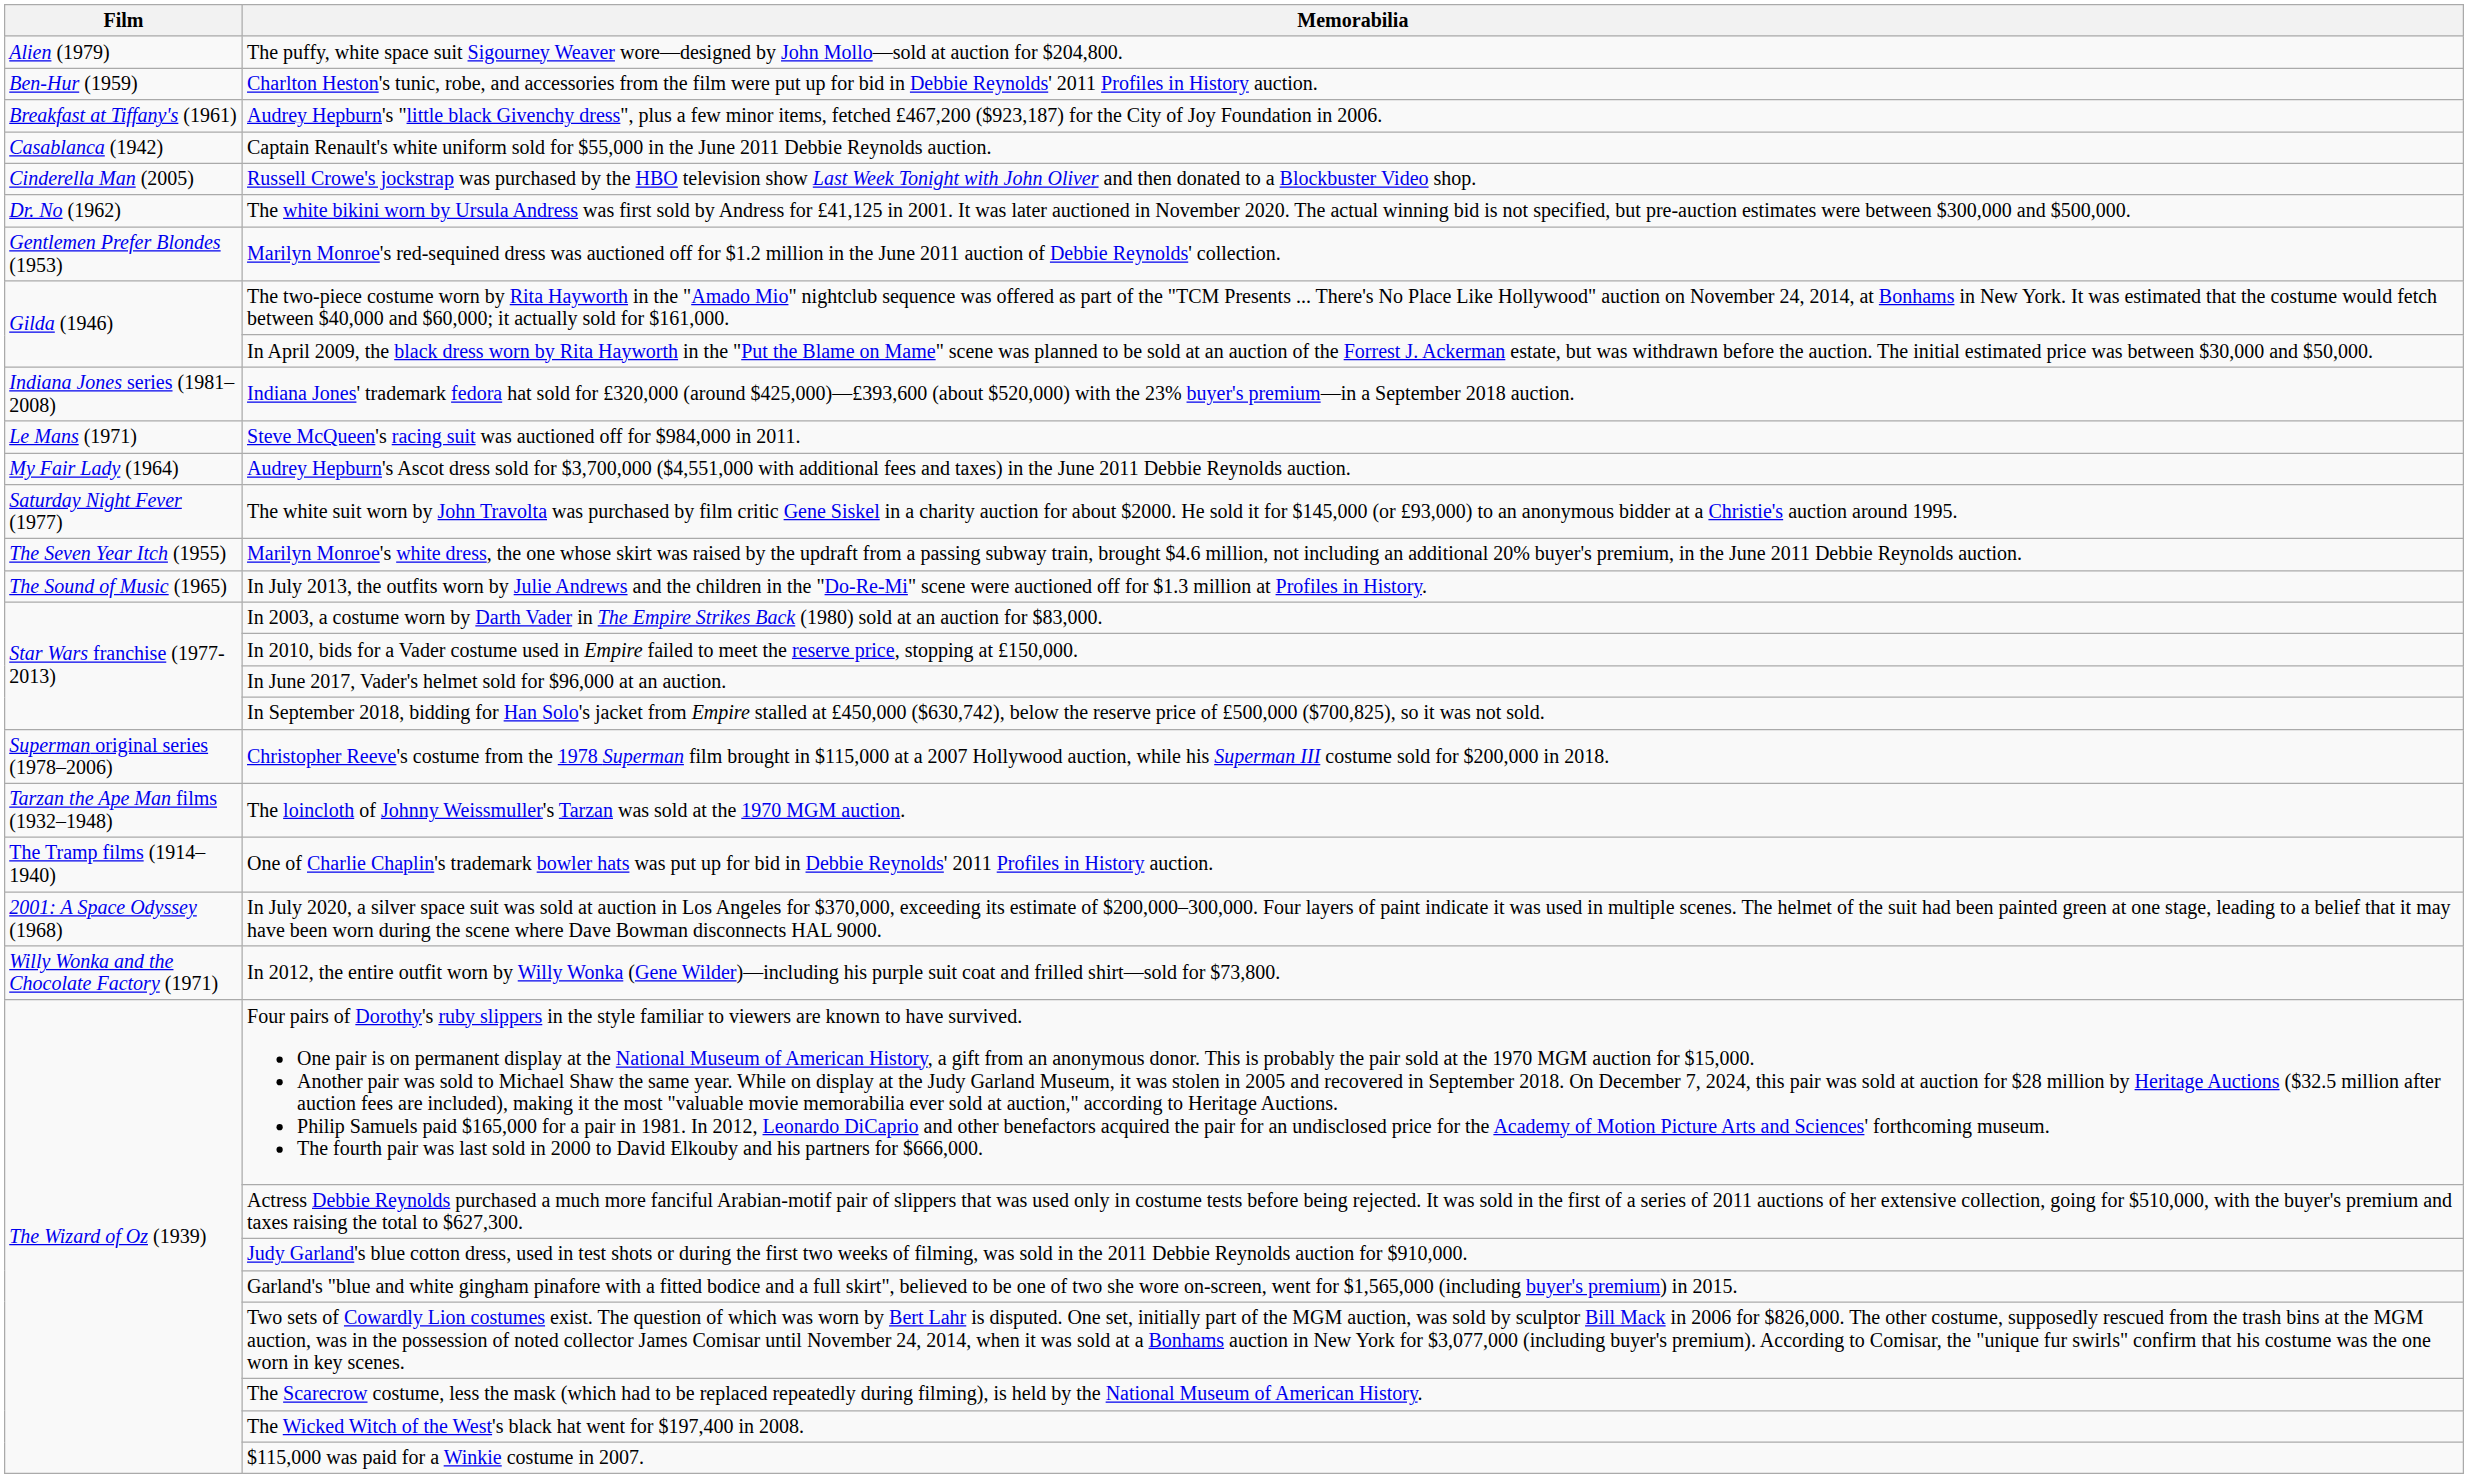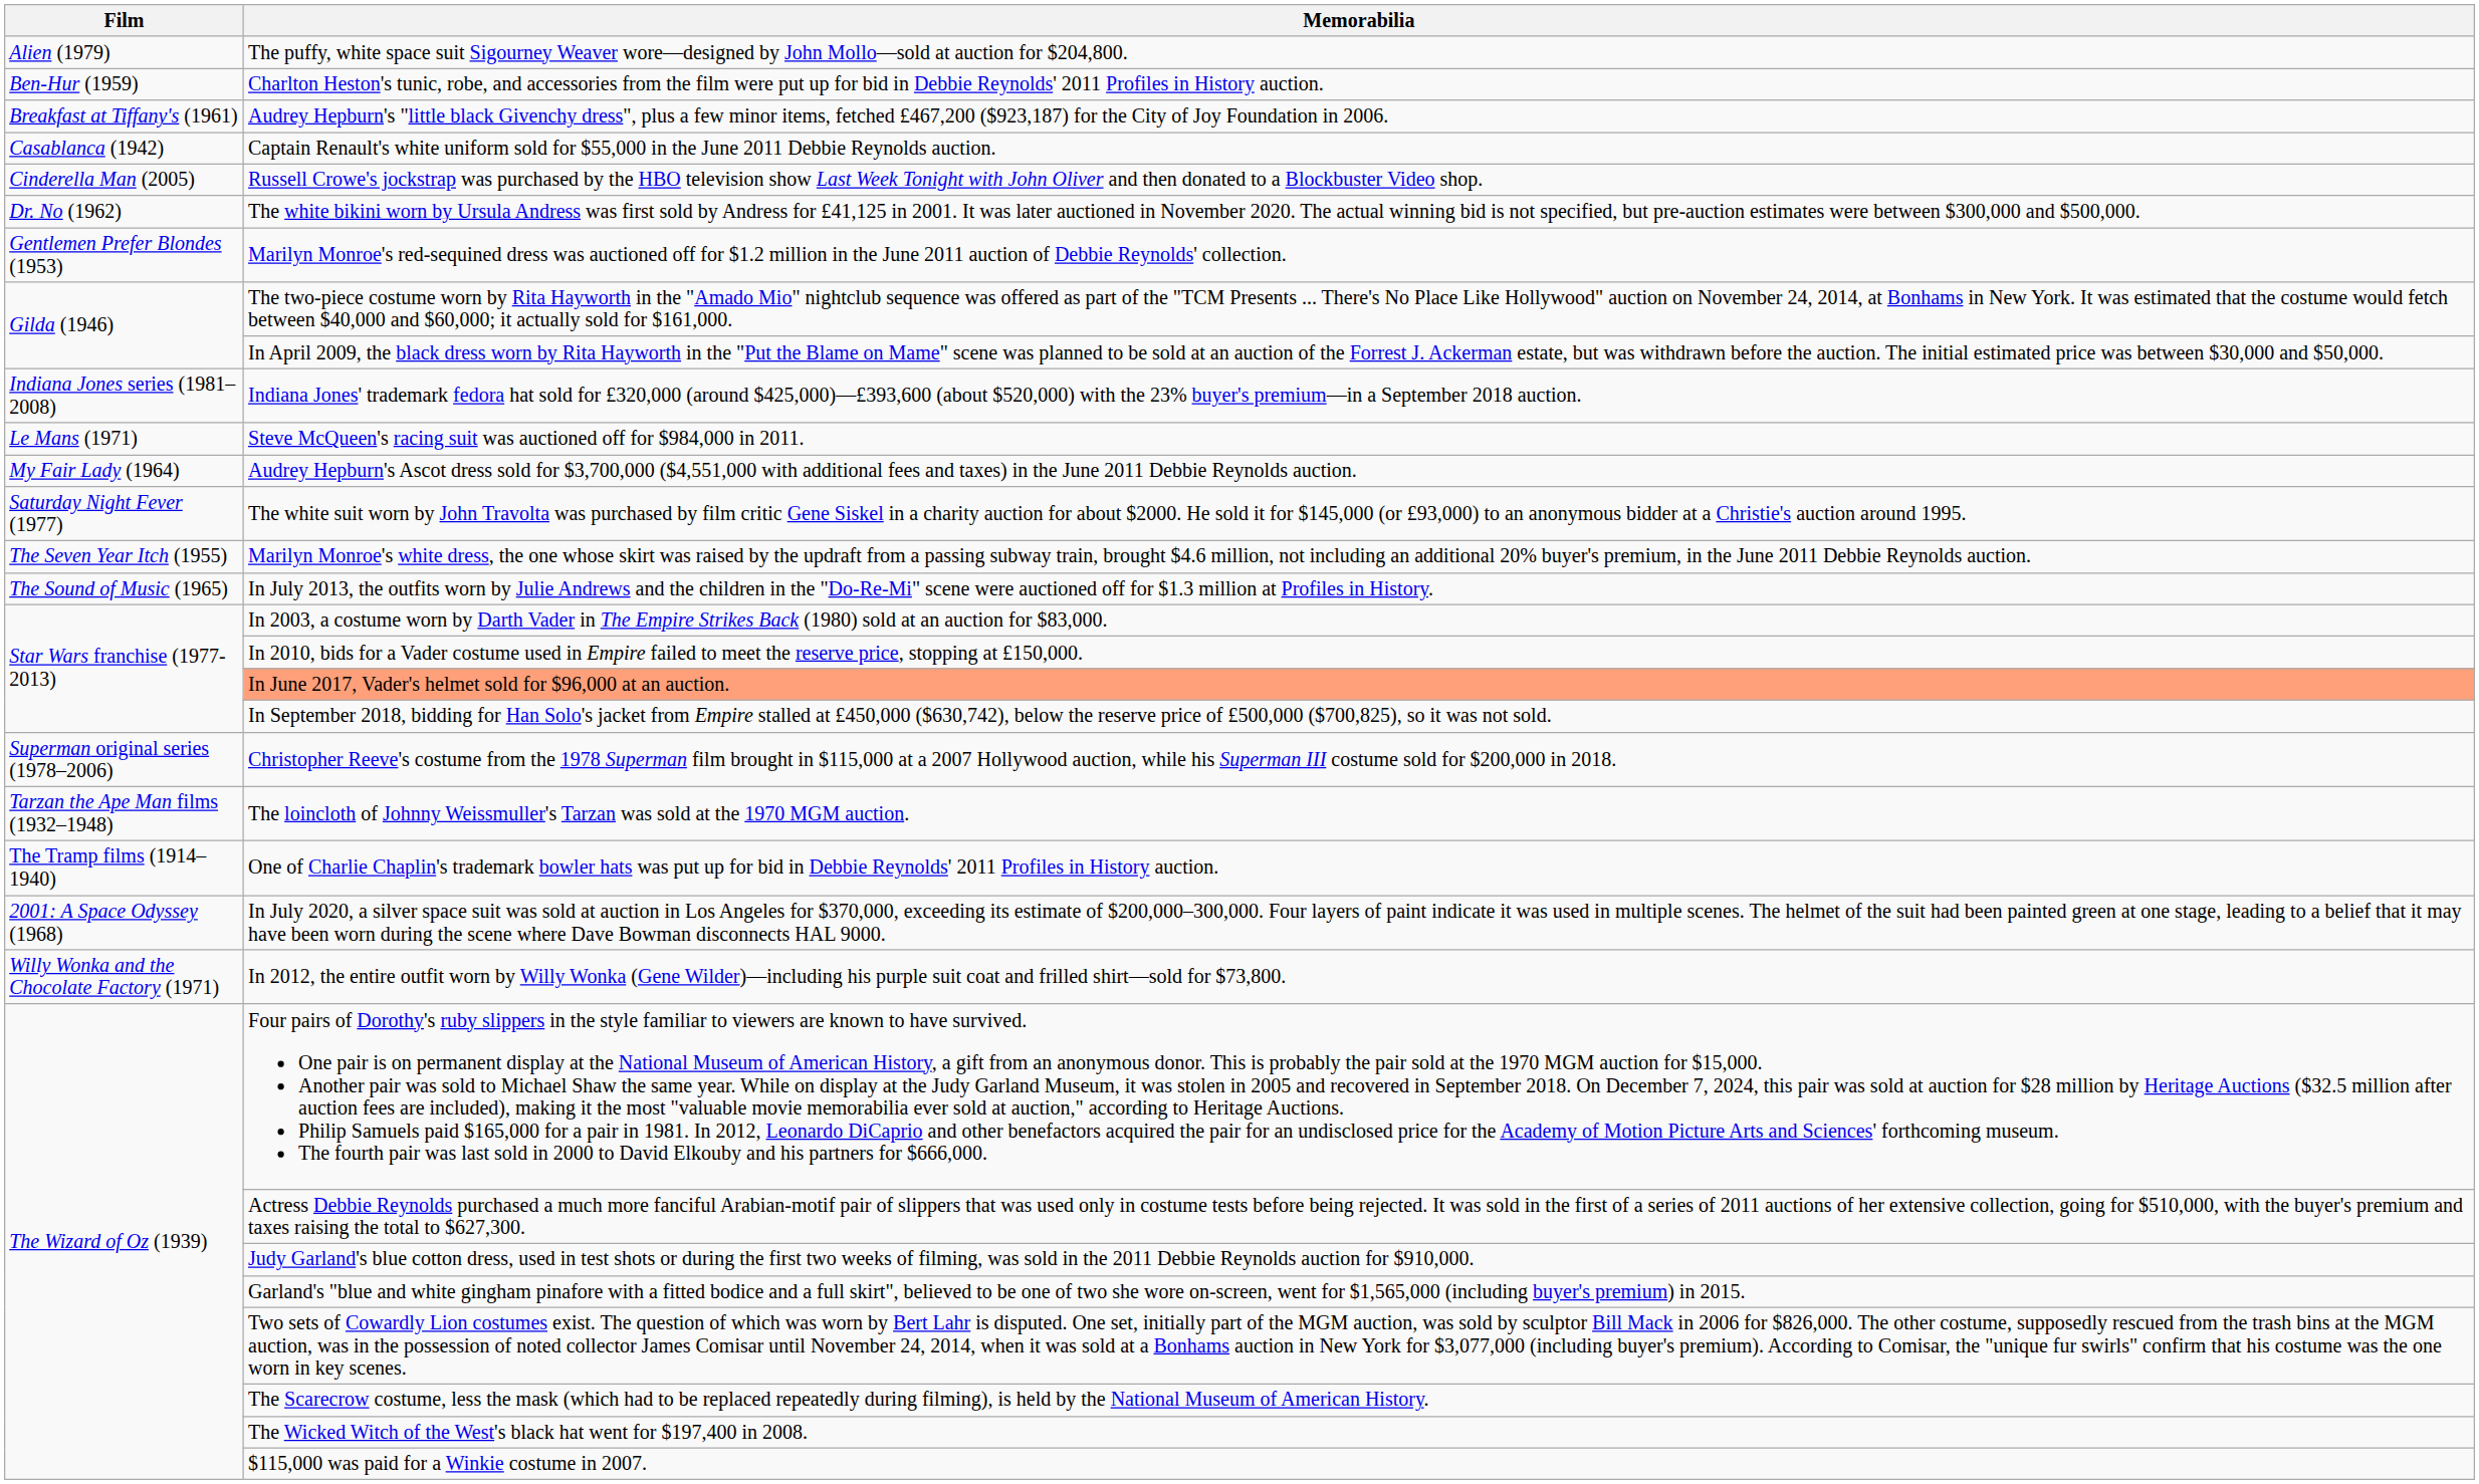 <table class="wikitable">
 <tr>
 <th>Film</th>
 <th>Memorabilia</th>
 </tr>
 <tr>
 <td><em><a href='#'>Alien</a></em> (1979)</td>
 <td>The puffy, white space suit <a href='#'>Sigourney Weaver</a> wore—designed by <a href='#'>John Mollo</a>—sold at auction for $204,800.</td>
 </tr>
 <tr>
 <td><em><a href='#'>Ben-Hur</a></em> (1959)</td>
 <td><a href='#'>Charlton Heston</a>'s tunic, robe, and accessories from the film were put up for bid in <a href='#'>Debbie Reynolds</a>' 2011 <a href='#'>Profiles in History</a> auction.</td>
 </tr>
 <tr>
 <td><em><a href='#'>Breakfast at Tiffany's</a></em> (1961)</td>
 <td><a href='#'>Audrey Hepburn</a>'s "<a href='#'>little black Givenchy dress</a>", plus a few minor items, fetched £467,200 ($923,187) for the City of Joy Foundation in 2006.</td>
 </tr>
 <tr>
 <td><em><a href='#'>Casablanca</a></em> (1942)</td>
 <td>Captain Renault's white uniform sold for $55,000 in the June 2011 Debbie Reynolds auction.</td>
 </tr>
 <tr>
 <td><em><a href='#'>Cinderella Man</a></em> (2005)</td>
 <td><a href='#'>Russell Crowe's jockstrap</a> was purchased by the <a href='#'>HBO</a> television show <em><a href='#'>Last Week Tonight with John Oliver</a></em> and then donated to a <a href='#'>Blockbuster Video</a> shop.</td>
 </tr>
 <tr>
 <td><em><a href='#'>Dr. No</a></em> (1962)</td>
 <td>The <a href='#'>white bikini worn by Ursula Andress</a> was first sold by Andress for £41,125 in 2001. It was later auctioned in November 2020. The actual winning bid is not specified, but pre-auction estimates were between $300,000 and $500,000.</td>
 </tr>
 <tr>
 <td><em><a href='#'>Gentlemen Prefer Blondes</a></em> (1953)</td>
 <td><a href='#'>Marilyn Monroe</a>'s red-sequined dress was auctioned off for $1.2 million in the June 2011 auction of <a href='#'>Debbie Reynolds</a>' collection.</td>
 </tr>
 <tr>
 <td rowspan="2"><em><a href='#'>Gilda</a></em> (1946)</td>
 <td>The two-piece costume worn by <a href='#'>Rita Hayworth</a> in the "<a href='#'>Amado Mio</a>" nightclub sequence was offered as part of the "TCM Presents ... There's No Place Like Hollywood" auction on November 24, 2014, at <a href='#'>Bonhams</a> in New York. It was estimated that the costume would fetch between $40,000 and $60,000; it actually sold for $161,000.</td>
 </tr>
 <tr>
 <td>In April 2009, the <a href='#'>black dress worn by Rita Hayworth</a> in the "<a href='#'>Put the Blame on Mame</a>" scene was planned to be sold at an auction of the <a href='#'>Forrest J. Ackerman</a> estate, but was withdrawn before the auction. The initial estimated price was between $30,000 and $50,000.</td>
 </tr>
 <tr>
 <td><a href='#'><em>Indiana Jones</em> series</a> (1981–2008)</td>
 <td><a href='#'>Indiana Jones</a>' trademark <a href='#'>fedora</a> hat sold for £320,000 (around $425,000)—£393,600 (about $520,000) with the 23% <a href='#'>buyer's premium</a>—in a September 2018 auction.</td>
 </tr>
 <tr>
 <td><em><a href='#'>Le Mans</a></em> (1971)</td>
 <td><a href='#'>Steve McQueen</a>'s <a href='#'>racing suit</a> was auctioned off for $984,000 in 2011.</td>
 </tr>
 <tr>
 <td><em><a href='#'>My Fair Lady</a></em> (1964)</td>
 <td><a href='#'>Audrey Hepburn</a>'s Ascot dress sold for $3,700,000 ($4,551,000 with additional fees and taxes) in the June 2011 Debbie Reynolds auction.</td>
 </tr>
 <tr>
 <td><em><a href='#'>Saturday Night Fever</a></em> (1977)</td>
 <td>The white suit worn by <a href='#'>John Travolta</a> was purchased by film critic <a href='#'>Gene Siskel</a> in a charity auction for about $2000. He sold it for $145,000 (or £93,000) to an anonymous bidder at a <a href='#'>Christie's</a> auction around 1995.</td>
 </tr>
 <tr>
 <td><em><a href='#'>The Seven Year Itch</a></em> (1955)</td>
 <td><a href='#'>Marilyn Monroe</a>'s <a href='#'>white dress</a>, the one whose skirt was raised by the updraft from a passing subway train, brought $4.6 million, not including an additional 20% buyer's premium, in the June 2011 Debbie Reynolds auction.</td>
 </tr>
 <tr>
 <td><em><a href='#'>The Sound of Music</a></em> (1965)</td>
 <td>In July 2013, the outfits worn by <a href='#'>Julie Andrews</a> and the children in the "<a href='#'>Do-Re-Mi</a>" scene were auctioned off for $1.3 million at <a href='#'>Profiles in History</a>.</td>
 </tr>
 <tr>
 <td rowspan="4"><a href='#'><em>Star Wars</em> franchise</a> (1977-2013)</td>
 <td>In 2003, a costume worn by <a href='#'>Darth Vader</a> in <em><a href='#'>The Empire Strikes Back</a></em> (1980) sold at an auction for $83,000.</td>
 </tr>
 <tr>
 <td>In 2010, bids for a Vader costume used in <em>Empire</em> failed to meet the <a href='#'>reserve price</a>, stopping at £150,000.</td>
 </tr>
 <tr>
-<td>In June 2017, Vader's helmet sold for $96,000 at an auction.</td>
+<td style="background: lightsalmon;">In June 2017, Vader's helmet sold for $96,000 at an auction.</td>
 </tr>
 <tr>
 <td>In September 2018, bidding for <a href='#'>Han Solo</a>'s jacket from <em>Empire</em> stalled at £450,000 ($630,742), below the reserve price of £500,000 ($700,825), so it was not sold.</td>
 </tr>
 <tr>
 <td><a href='#'><em>Superman</em> original series</a> (1978–2006)</td>
 <td><a href='#'>Christopher Reeve</a>'s costume from the <a href='#'>1978 <em>Superman</em></a> film brought in $115,000 at a 2007 Hollywood auction, while his <em><a href='#'>Superman III</a></em> costume sold for $200,000 in 2018.</td>
 </tr>
 <tr>
 <td><a href='#'><em>Tarzan the Ape Man</em> films</a> (1932–1948)</td>
 <td>The <a href='#'>loincloth</a> of <a href='#'>Johnny Weissmuller</a>'s <a href='#'>Tarzan</a> was sold at the <a href='#'>1970 MGM auction</a>.</td>
 </tr>
 <tr>
 <td><a href='#'>The Tramp films</a> (1914–1940)</td>
 <td>One of <a href='#'>Charlie Chaplin</a>'s trademark <a href='#'>bowler hats</a> was put up for bid in <a href='#'>Debbie Reynolds</a>' 2011 <a href='#'>Profiles in History</a> auction.</td>
 </tr>
 <tr>
 <td><em><a href='#'>2001: A Space Odyssey</a></em> (1968)</td>
 <td>In July 2020, a silver space suit was sold at auction in Los Angeles for $370,000, exceeding its estimate of $200,000–300,000. Four layers of paint indicate it was used in multiple scenes. The helmet of the suit had been painted green at one stage, leading to a belief that it may have been worn during the scene where Dave Bowman disconnects HAL 9000.</td>
 </tr>
 <tr>
 <td><em><a href='#'>Willy Wonka and the Chocolate Factory</a></em> (1971)</td>
 <td>In 2012, the entire outfit worn by <a href='#'>Willy Wonka</a> (<a href='#'>Gene Wilder</a>)—including his purple suit coat and frilled shirt—sold for $73,800.</td>
 </tr>
 <tr>
 <td rowspan="8"><em><a href='#'>The Wizard of Oz</a></em> (1939)</td>
 <td>Four pairs of <a href='#'>Dorothy</a>'s <a href='#'>ruby slippers</a> in the style familiar to viewers are known to have survived.<br><ul><li>One pair is on permanent display at the <a href='#'>National Museum of American History</a>, a gift from an anonymous donor. This is probably the pair sold at the 1970 MGM auction for $15,000.</li><li>Another pair was sold to Michael Shaw the same year. While on display at the Judy Garland Museum, it was stolen in 2005 and recovered in September 2018. On December 7, 2024, this pair was sold at auction for $28 million by <a href='#'>Heritage Auctions</a> ($32.5 million after auction fees are included), making it the most "valuable movie memorabilia ever sold at auction," according to Heritage Auctions.</li><li>Philip Samuels paid $165,000 for a pair in 1981. In 2012, <a href='#'>Leonardo DiCaprio</a> and other benefactors acquired the pair for an undisclosed price for the <a href='#'>Academy of Motion Picture Arts and Sciences</a>' forthcoming museum.</li><li>The fourth pair was last sold in 2000 to David Elkouby and his partners for $666,000.</li></ul></td>
 </tr>
 <tr>
 <td>Actress <a href='#'>Debbie Reynolds</a> purchased a much more fanciful Arabian-motif pair of slippers that was used only in costume tests before being rejected. It was sold in the first of a series of 2011 auctions of her extensive collection, going for $510,000, with the buyer's premium and taxes raising the total to $627,300.</td>
 </tr>
 <tr>
 <td><a href='#'>Judy Garland</a>'s blue cotton dress, used in test shots or during the first two weeks of filming, was sold in the 2011 Debbie Reynolds auction for $910,000.</td>
 </tr>
 <tr>
 <td>Garland's "blue and white gingham pinafore with a fitted bodice and a full skirt", believed to be one of two she wore on-screen, went for $1,565,000 (including <a href='#'>buyer's premium</a>) in 2015.</td>
 </tr>
 <tr>
 <td>Two sets of <a href='#'>Cowardly Lion costumes</a> exist. The question of which was worn by <a href='#'>Bert Lahr</a> is disputed. One set, initially part of the MGM auction, was sold by sculptor <a href='#'>Bill Mack</a> in 2006 for $826,000. The other costume, supposedly rescued from the trash bins at the MGM auction, was in the possession of noted collector James Comisar until November 24, 2014, when it was sold at a <a href='#'>Bonhams</a> auction in New York for $3,077,000 (including buyer's premium). According to Comisar, the "unique fur swirls" confirm that his costume was the one worn in key scenes.</td>
 </tr>
 <tr>
 <td>The <a href='#'>Scarecrow</a> costume, less the mask (which had to be replaced repeatedly during filming), is held by the <a href='#'>National Museum of American History</a>.</td>
 </tr>
 <tr>
 <td>The <a href='#'>Wicked Witch of the West</a>'s black hat went for $197,400 in 2008.</td>
 </tr>
 <tr>
 <td>$115,000 was paid for a <a href='#'>Winkie</a> costume in 2007.</td>
 </tr>
 </table>
